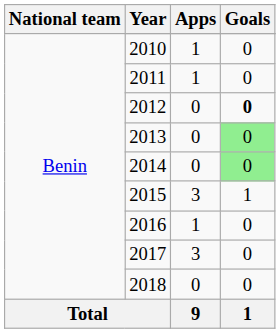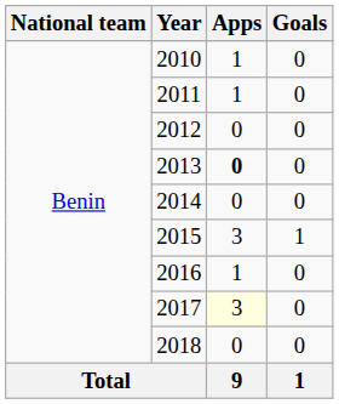 <table class="wikitable" style="text-align:center">
 <tr>
 <th>National team</th>
 <th>Year</th>
 <th>Apps</th>
 <th>Goals</th>
 </tr>
 <tr>
 <td rowspan=10><a href='#'>Benin</a></td>
 </tr>
 <tr>
 <td>2010</td>
 <td>1</td>
 <td>0</td>
 </tr>
 <tr>
 <td>2011</td>
 <td>1</td>
 <td>0</td>
 </tr>
 <tr>
 <td>2012</td>
 <td>0</td>
-<td><strong>0</strong></td>
+<td>0</td>
 </tr>
 <tr>
 <td>2013</td>
+<td><strong>0</strong></td>
 <td>0</td>
-<td style="background: lightgreen;">0</td>
 </tr>
 <tr>
 <td>2014</td>
 <td>0</td>
-<td style="background: lightgreen;">0</td>
+<td>0</td>
 </tr>
 <tr>
 <td>2015</td>
 <td>3</td>
 <td>1</td>
 </tr>
 <tr>
 <td>2016</td>
 <td>1</td>
 <td>0</td>
 </tr>
 <tr>
 <td>2017</td>
-<td>3</td>
+<td style="background: lightyellow;">3</td>
 <td>0</td>
 </tr>
 <tr>
 <td>2018</td>
 <td>0</td>
 <td>0</td>
 </tr>
 <tr>
 <th colspan=2>Total</th>
 <th>9</th>
 <th>1</th>
 </tr>
 </table>
